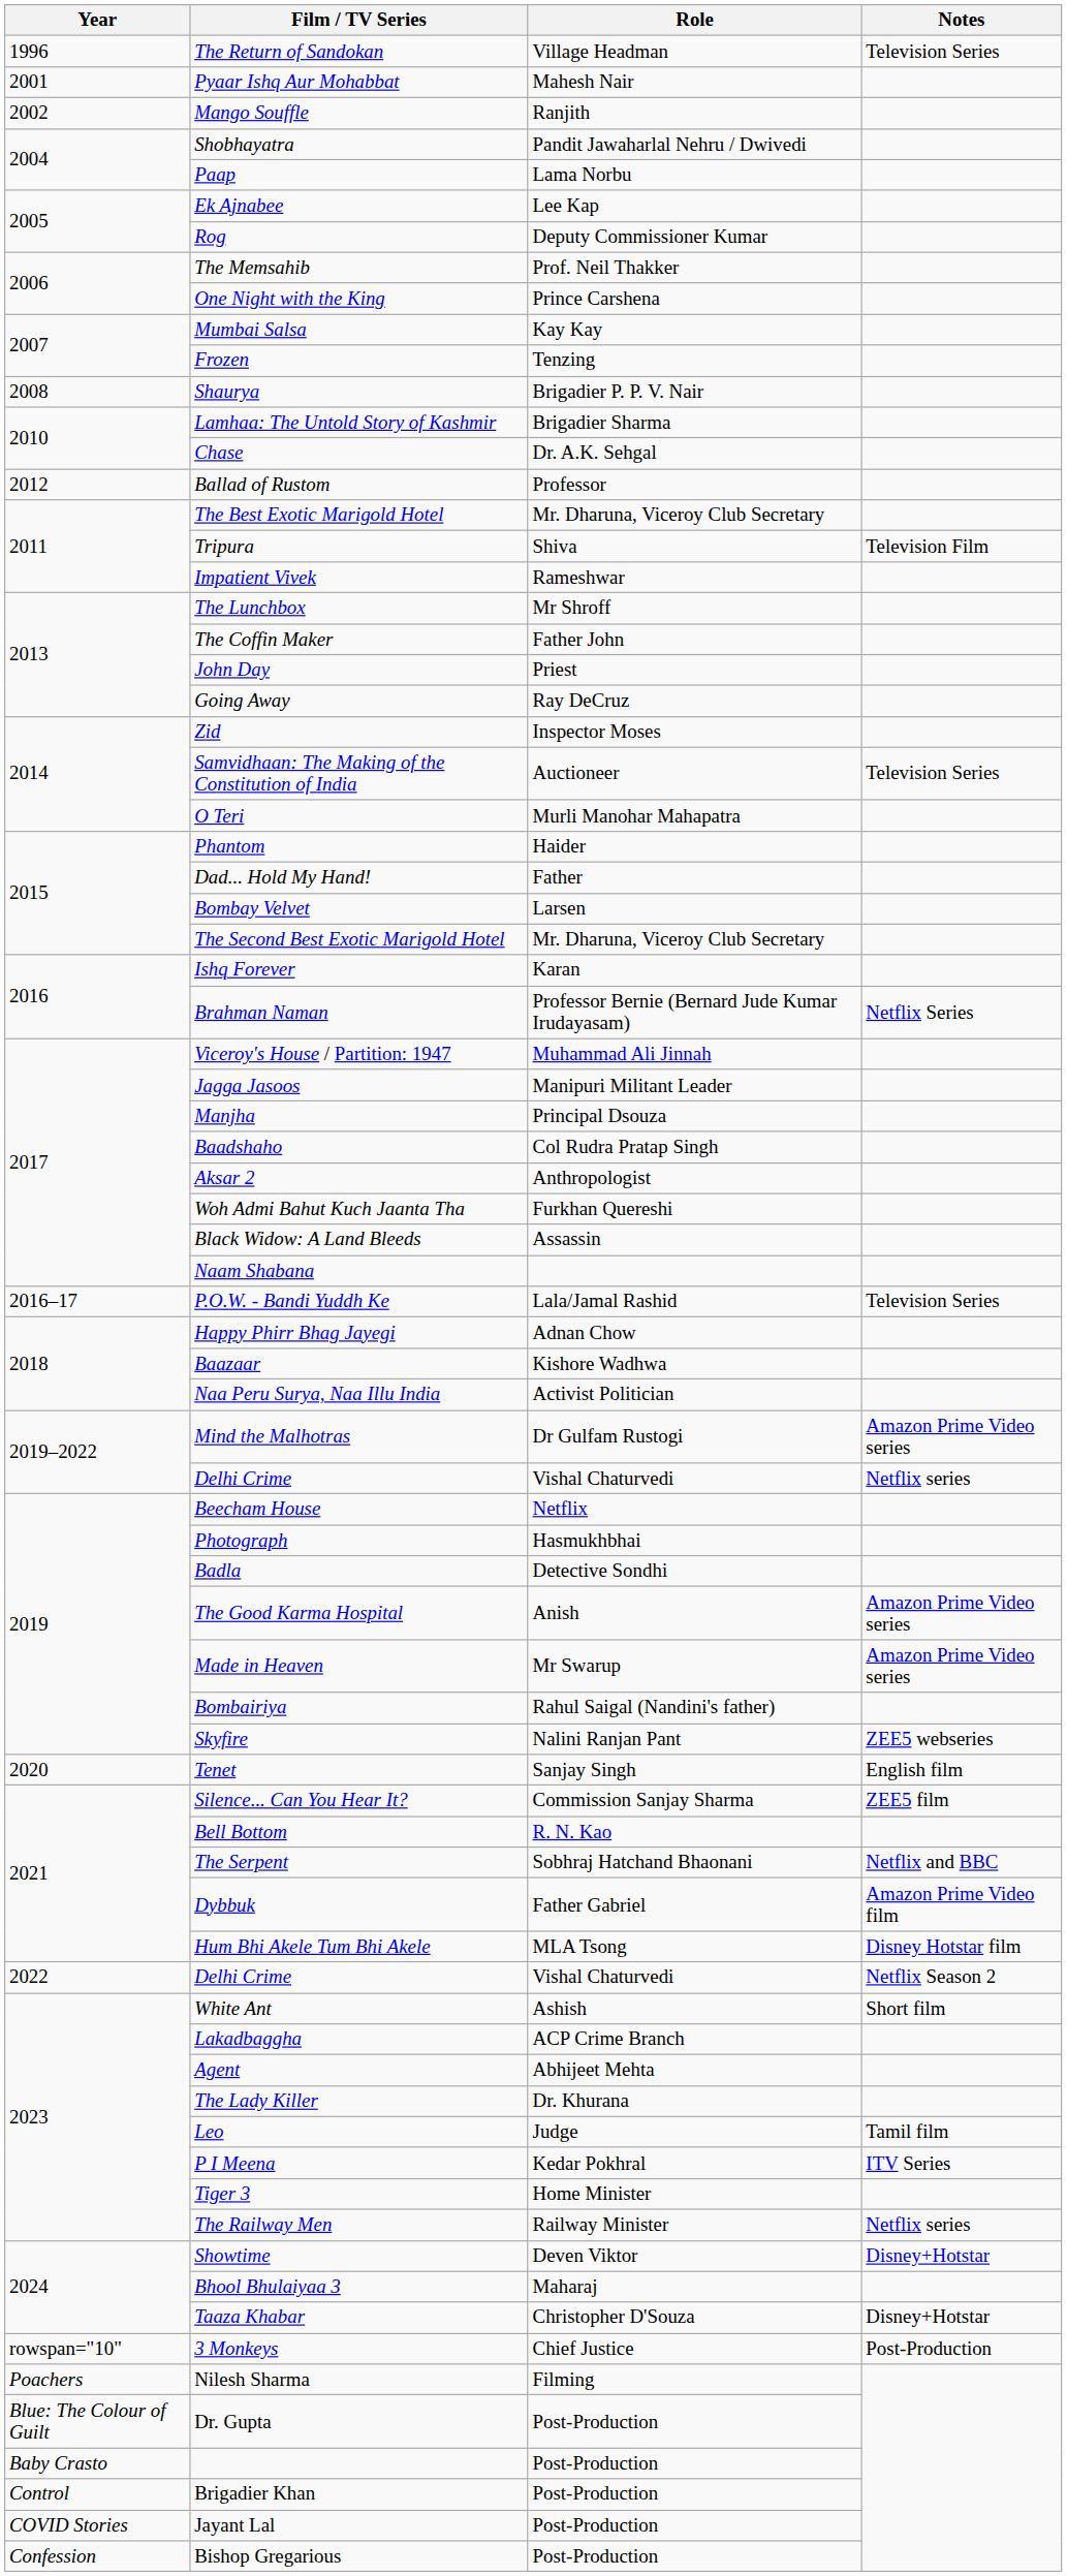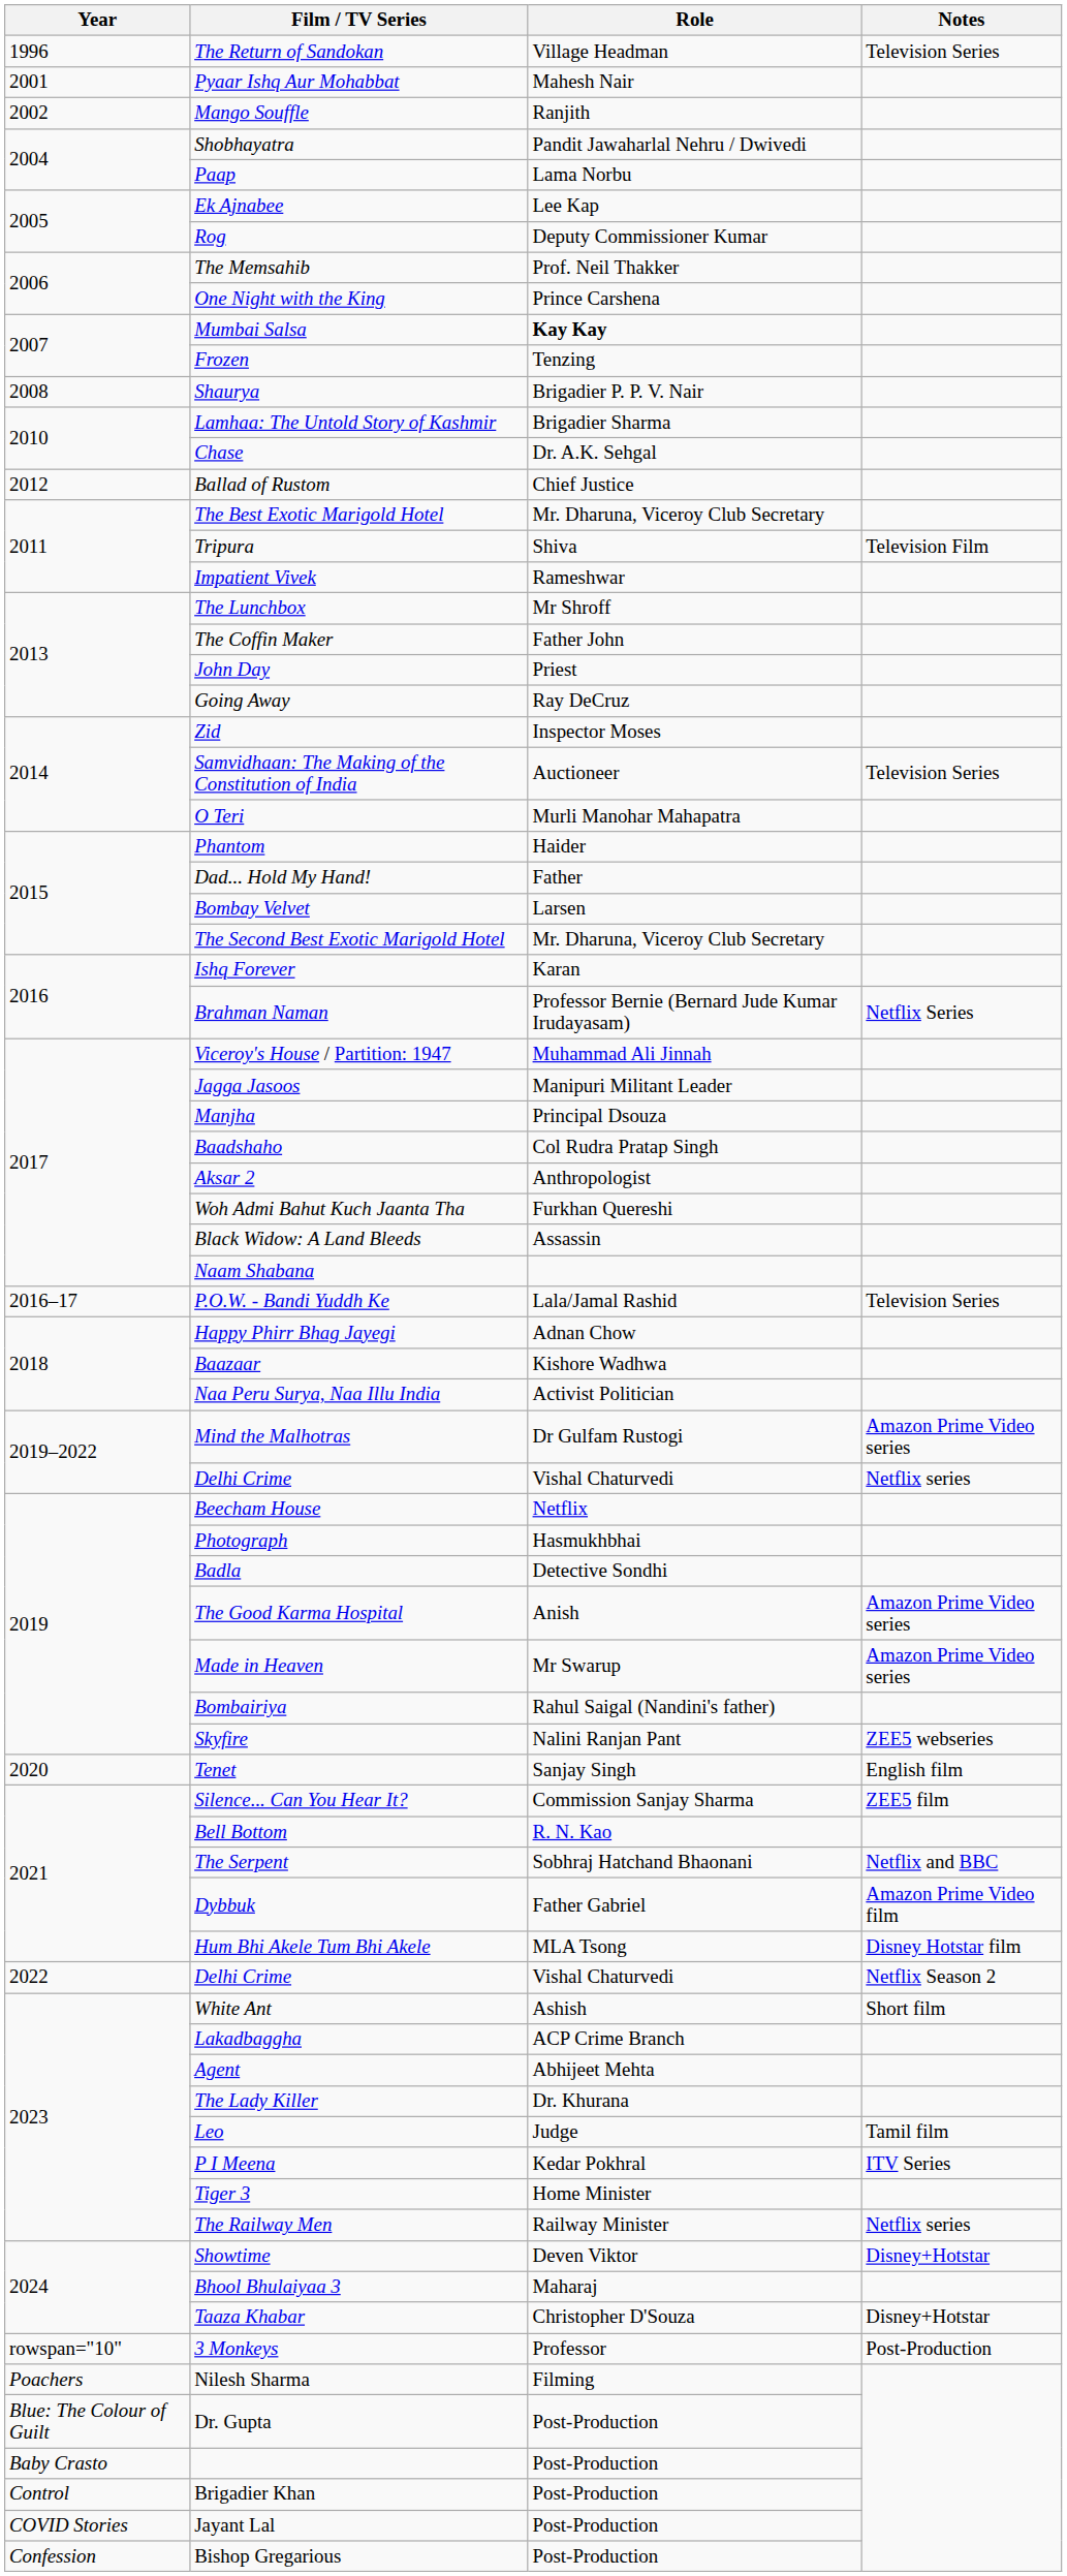 <table class="wikitable sortable">
 <tr>
 <th>Year</th>
 <th>Film / TV Series</th>
 <th>Role</th>
 <th>Notes</th>
 </tr>
 <tr>
 <td>1996</td>
 <td><em><a href='#'>The Return of Sandokan</a></em></td>
 <td>Village Headman</td>
 <td>Television Series</td>
 </tr>
 <tr>
 <td>2001</td>
 <td><em><a href='#'>Pyaar Ishq Aur Mohabbat</a></em></td>
 <td>Mahesh Nair</td>
 <td></td>
 </tr>
 <tr>
 <td>2002</td>
 <td><em><a href='#'>Mango Souffle</a></em></td>
 <td>Ranjith</td>
 <td></td>
 </tr>
 <tr>
 <td rowspan="2">2004</td>
 <td><em>Shobhayatra</em></td>
 <td>Pandit Jawaharlal Nehru / Dwivedi</td>
 <td></td>
 </tr>
 <tr>
 <td><em><a href='#'>Paap</a></em></td>
 <td>Lama Norbu</td>
 <td></td>
 </tr>
 <tr>
 <td rowspan="2">2005</td>
 <td><em><a href='#'>Ek Ajnabee</a></em></td>
 <td>Lee Kap</td>
 <td></td>
 </tr>
 <tr>
 <td><em><a href='#'>Rog</a></em></td>
 <td>Deputy Commissioner Kumar</td>
 <td></td>
 </tr>
 <tr>
 <td rowspan="2">2006</td>
 <td><em>The Memsahib</em></td>
 <td>Prof. Neil Thakker</td>
 <td></td>
 </tr>
 <tr>
 <td><em><a href='#'>One Night with the King</a></em></td>
 <td>Prince Carshena</td>
 <td></td>
 </tr>
 <tr>
 <td rowspan="2">2007</td>
 <td><em><a href='#'>Mumbai Salsa</a></em></td>
-<td>Kay Kay</td>
+<td><strong>Kay Kay</strong></td>
 <td></td>
 </tr>
 <tr>
 <td><em><a href='#'>Frozen</a></em></td>
 <td>Tenzing</td>
 <td></td>
 </tr>
 <tr>
 <td>2008</td>
 <td><em><a href='#'>Shaurya</a></em></td>
 <td>Brigadier P. P. V. Nair</td>
 <td></td>
 </tr>
 <tr>
 <td rowspan="2">2010</td>
 <td><em><a href='#'>Lamhaa: The Untold Story of Kashmir</a></em></td>
 <td>Brigadier Sharma</td>
 <td></td>
 </tr>
 <tr>
 <td><em><a href='#'>Chase</a></em></td>
 <td>Dr. A.K. Sehgal</td>
 <td></td>
 </tr>
 <tr>
 <td>2012</td>
 <td><em>Ballad of Rustom</em></td>
-<td>Professor</td>
+<td>Chief  Justice</td>
 <td></td>
 </tr>
 <tr>
 <td rowspan="3">2011</td>
 <td><em><a href='#'>The Best Exotic Marigold Hotel</a></em></td>
 <td>Mr. Dharuna, Viceroy Club Secretary</td>
 <td></td>
 </tr>
 <tr>
 <td><em>Tripura</em></td>
 <td>Shiva</td>
 <td>Television Film</td>
 </tr>
 <tr>
 <td><em><a href='#'>Impatient Vivek</a></em></td>
 <td>Rameshwar</td>
 <td></td>
 </tr>
 <tr>
 <td rowspan="4">2013</td>
 <td><em><a href='#'>The Lunchbox</a></em></td>
 <td>Mr Shroff</td>
 <td></td>
 </tr>
 <tr>
 <td><em>The Coffin Maker</em></td>
 <td>Father John</td>
 <td></td>
 </tr>
 <tr>
 <td><em><a href='#'>John Day</a></em></td>
 <td>Priest</td>
 <td></td>
 </tr>
 <tr>
 <td><em>Going Away</em></td>
 <td>Ray DeCruz</td>
 <td></td>
 </tr>
 <tr>
 <td rowspan="3">2014</td>
 <td><em><a href='#'>Zid</a></em></td>
 <td>Inspector Moses</td>
 <td></td>
 </tr>
 <tr>
 <td><em><a href='#'>Samvidhaan: The Making of the Constitution of India</a></em></td>
 <td>Auctioneer</td>
 <td>Television Series</td>
 </tr>
 <tr>
 <td><em><a href='#'>O Teri</a></em></td>
 <td>Murli Manohar Mahapatra</td>
 <td></td>
 </tr>
 <tr>
 <td rowspan="4">2015</td>
 <td><em><a href='#'>Phantom</a></em></td>
 <td>Haider</td>
 <td></td>
 </tr>
 <tr>
 <td><em>Dad... Hold My Hand!</em></td>
 <td>Father</td>
 <td></td>
 </tr>
 <tr>
 <td><em><a href='#'>Bombay Velvet</a></em></td>
 <td>Larsen</td>
 <td></td>
 </tr>
 <tr>
 <td><em><a href='#'>The Second Best Exotic Marigold Hotel</a></em></td>
 <td>Mr. Dharuna, Viceroy Club Secretary</td>
 <td></td>
 </tr>
 <tr>
 <td rowspan="2">2016</td>
 <td><em><a href='#'>Ishq Forever</a></em></td>
 <td>Karan</td>
 <td></td>
 </tr>
 <tr>
 <td><em><a href='#'>Brahman Naman</a></em></td>
 <td>Professor Bernie (Bernard Jude Kumar Irudayasam)</td>
 <td><a href='#'>Netflix</a> Series</td>
 </tr>
 <tr>
 <td rowspan="8">2017</td>
 <td><em><a href='#'>Viceroy's House</a></em> / <a href='#'>Partition: 1947</a></td>
 <td><a href='#'>Muhammad Ali Jinnah</a></td>
 <td></td>
 </tr>
 <tr>
 <td><em><a href='#'>Jagga Jasoos</a></em></td>
 <td>Manipuri Militant Leader</td>
 <td></td>
 </tr>
 <tr>
 <td><em><a href='#'>Manjha</a></em></td>
 <td>Principal Dsouza</td>
 <td></td>
 </tr>
 <tr>
 <td><em><a href='#'>Baadshaho</a></em></td>
 <td>Col Rudra Pratap Singh</td>
 <td></td>
 </tr>
 <tr>
 <td><em><a href='#'>Aksar 2</a></em></td>
 <td>Anthropologist</td>
 <td></td>
 </tr>
 <tr>
 <td><em>Woh Admi Bahut Kuch Jaanta Tha</em></td>
 <td>Furkhan Quereshi</td>
 <td></td>
 </tr>
 <tr>
 <td><em>Black Widow: A Land Bleeds</em></td>
 <td>Assassin</td>
 <td></td>
 </tr>
 <tr>
 <td><em><a href='#'>Naam Shabana</a></em></td>
 <td></td>
 <td></td>
 </tr>
 <tr>
 <td>2016–17</td>
 <td><em><a href='#'>P.O.W. - Bandi Yuddh Ke</a></em></td>
 <td>Lala/Jamal Rashid</td>
 <td>Television Series</td>
 </tr>
 <tr>
 <td rowspan="3">2018</td>
 <td><em><a href='#'>Happy Phirr Bhag Jayegi</a></em></td>
 <td>Adnan Chow</td>
 <td></td>
 </tr>
 <tr>
 <td><em><a href='#'>Baazaar</a></em></td>
 <td>Kishore Wadhwa</td>
 <td></td>
 </tr>
 <tr>
 <td><em><a href='#'>Naa Peru Surya, Naa Illu India</a></em></td>
 <td>Activist Politician</td>
 <td></td>
 </tr>
 <tr>
 <td rowspan="2">2019–2022</td>
 <td><em><a href='#'>Mind the Malhotras</a></em></td>
 <td>Dr Gulfam Rustogi</td>
 <td><a href='#'>Amazon Prime Video</a>  series</td>
 </tr>
 <tr>
 <td><em><a href='#'>Delhi Crime</a></em></td>
 <td>Vishal Chaturvedi</td>
 <td><a href='#'>Netflix</a>  series</td>
 </tr>
 <tr>
 <td rowspan=7>2019</td>
 <td><em><a href='#'>Beecham House</a></em></td>
 <td Maharaja of Kalyan><a href='#'>Netflix</a></td>
 </tr>
 <tr>
 <td><em><a href='#'>Photograph</a></em></td>
 <td>Hasmukhbhai</td>
 <td></td>
 </tr>
 <tr>
 <td><em><a href='#'>Badla</a></em></td>
 <td>Detective Sondhi</td>
 <td></td>
 </tr>
 <tr>
 <td><em><a href='#'>The Good Karma Hospital</a></em></td>
 <td>Anish</td>
 <td><a href='#'>Amazon Prime Video</a> series</td>
 </tr>
 <tr>
 <td><em><a href='#'>Made in Heaven</a></em></td>
 <td>Mr Swarup</td>
 <td><a href='#'>Amazon Prime Video</a>  series</td>
 </tr>
 <tr>
 <td><em><a href='#'>Bombairiya</a></em></td>
 <td>Rahul Saigal (Nandini's father)</td>
 <td></td>
 </tr>
 <tr>
 <td><a href='#'><em>Skyfire</em></a></td>
 <td>Nalini Ranjan Pant</td>
 <td><a href='#'>ZEE5</a> webseries</td>
 </tr>
 <tr>
 <td>2020</td>
 <td><em><a href='#'>Tenet</a></em></td>
 <td>Sanjay Singh</td>
 <td>English film</td>
 </tr>
 <tr>
 <td rowspan="5">2021</td>
 <td><em><a href='#'>Silence... Can You Hear It?</a></em></td>
 <td>Commission Sanjay Sharma</td>
 <td><a href='#'>ZEE5</a> film</td>
 </tr>
 <tr>
 <td><em><a href='#'>Bell Bottom</a></em></td>
 <td><a href='#'>R. N. Kao</a></td>
 <td></td>
 </tr>
 <tr>
 <td><em><a href='#'>The Serpent</a></em></td>
 <td>Sobhraj Hatchand Bhaonani</td>
 <td><a href='#'>Netflix</a> and <a href='#'>BBC</a></td>
 </tr>
 <tr>
 <td><em><a href='#'>Dybbuk</a></em></td>
 <td>Father Gabriel</td>
 <td><a href='#'>Amazon Prime Video</a> film</td>
 </tr>
 <tr>
 <td><em><a href='#'>Hum Bhi Akele Tum Bhi Akele</a></em></td>
 <td>MLA Tsong</td>
 <td><a href='#'>Disney Hotstar</a> film</td>
 </tr>
 <tr>
 <td>2022</td>
 <td><em><a href='#'>Delhi Crime</a></em></td>
 <td>Vishal Chaturvedi</td>
 <td><a href='#'>Netflix</a> Season 2</td>
 </tr>
 <tr>
 <td rowspan="8">2023</td>
 <td><em>White Ant</em></td>
 <td>Ashish</td>
 <td>Short film</td>
 </tr>
 <tr>
 <td><em><a href='#'>Lakadbaggha</a></em></td>
 <td>ACP Crime Branch</td>
 <td></td>
 </tr>
 <tr>
 <td><em><a href='#'>Agent</a></em></td>
 <td>Abhijeet Mehta</td>
 <td></td>
 </tr>
 <tr>
 <td><em><a href='#'>The Lady Killer</a></em></td>
 <td>Dr. Khurana</td>
 <td></td>
 </tr>
 <tr>
 <td><em><a href='#'>Leo</a></em></td>
 <td>Judge</td>
 <td>Tamil film</td>
 </tr>
 <tr>
 <td><em><a href='#'>P I Meena</a></em></td>
 <td>Kedar Pokhral</td>
 <td><a href='#'>ITV</a> Series</td>
 </tr>
 <tr>
 <td><em><a href='#'>Tiger 3</a></em></td>
 <td>Home Minister</td>
 <td></td>
 </tr>
 <tr>
 <td><em><a href='#'>The Railway Men</a></em></td>
 <td>Railway Minister</td>
 <td><a href='#'>Netflix</a> series</td>
 </tr>
 <tr>
 <td rowspan="3">2024</td>
 <td><em><a href='#'>Showtime</a></em></td>
 <td>Deven Viktor</td>
 <td><a href='#'>Disney+Hotstar</a></td>
 </tr>
 <tr>
 <td><em><a href='#'>Bhool Bhulaiyaa 3</a></em></td>
 <td>Maharaj</td>
 <td></td>
 </tr>
 <tr>
 <td><em><a href='#'>Taaza Khabar</a></em></td>
 <td>Christopher D'Souza</td>
 <td>Disney+Hotstar</td>
 </tr>
 <tr>
 <td>rowspan="10" </td>
 <td><em><a href='#'>3 Monkeys</a></em></td>
-<td>Chief  Justice</td>
+<td>Professor</td>
 <td>Post-Production</td>
 </tr>
 <tr>
 <td><em>Poachers</em></td>
 <td>Nilesh Sharma</td>
 <td>Filming</td>
 </tr>
 <tr>
 <td><em>Blue: The Colour of Guilt</em></td>
 <td>Dr. Gupta</td>
 <td>Post-Production</td>
 </tr>
 <tr>
 <td><em>Baby Crasto</em></td>
 <td></td>
 <td>Post-Production</td>
 </tr>
 <tr>
 <td><em>Control</em></td>
 <td>Brigadier Khan</td>
 <td>Post-Production</td>
 </tr>
 <tr>
 <td><em>COVID Stories</em></td>
 <td>Jayant Lal</td>
 <td>Post-Production</td>
 </tr>
 <tr>
 <td><em>Confession</em></td>
 <td>Bishop Gregarious</td>
 <td>Post-Production</td>
 </tr>
 </table>
